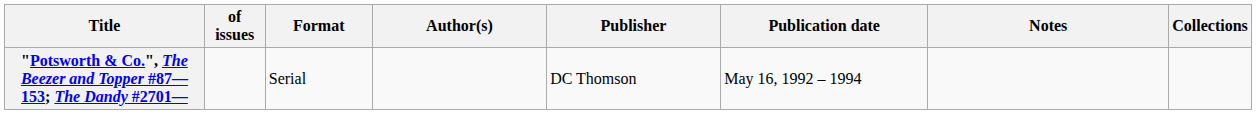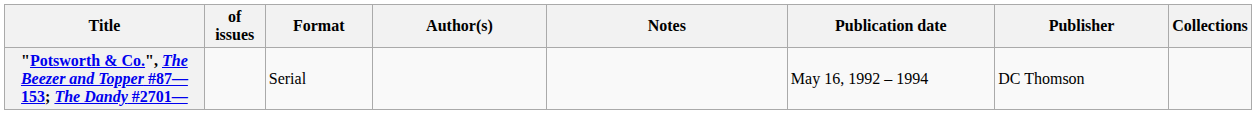 <table class="wikitable">
 <tr>
 <th>Title</th>
 <th style="width:40pt"> of issues</th>
 <th style="width:75pt">Format</th>
 <th style="width:125pt">Author(s)</th>
+<th style="width:175pt">Notes</th>
+<th style="width:150pt">Publication date</th>
 <th style="width:125pt">Publisher</th>
-<th style="width:150pt">Publication date</th>
-<th style="width:175pt">Notes</th>
 <th>Collections</th>
 </tr>
 <tr>
 <th>"<a href='#'>Potsworth & Co.</a>", <a href='#'><em>The Beezer and Topper</em> #87—153</a>; <a href='#'><em>The Dandy</em> #2701—</a></th>
 <td></td>
 <td>Serial</td>
 <td></td>
+<td></td>
+<td>May 16, 1992 – 1994</td>
 <td>DC Thomson</td>
-<td>May 16, 1992 – 1994</td>
-<td></td>
 <td></td>
 </tr>
 </table>
